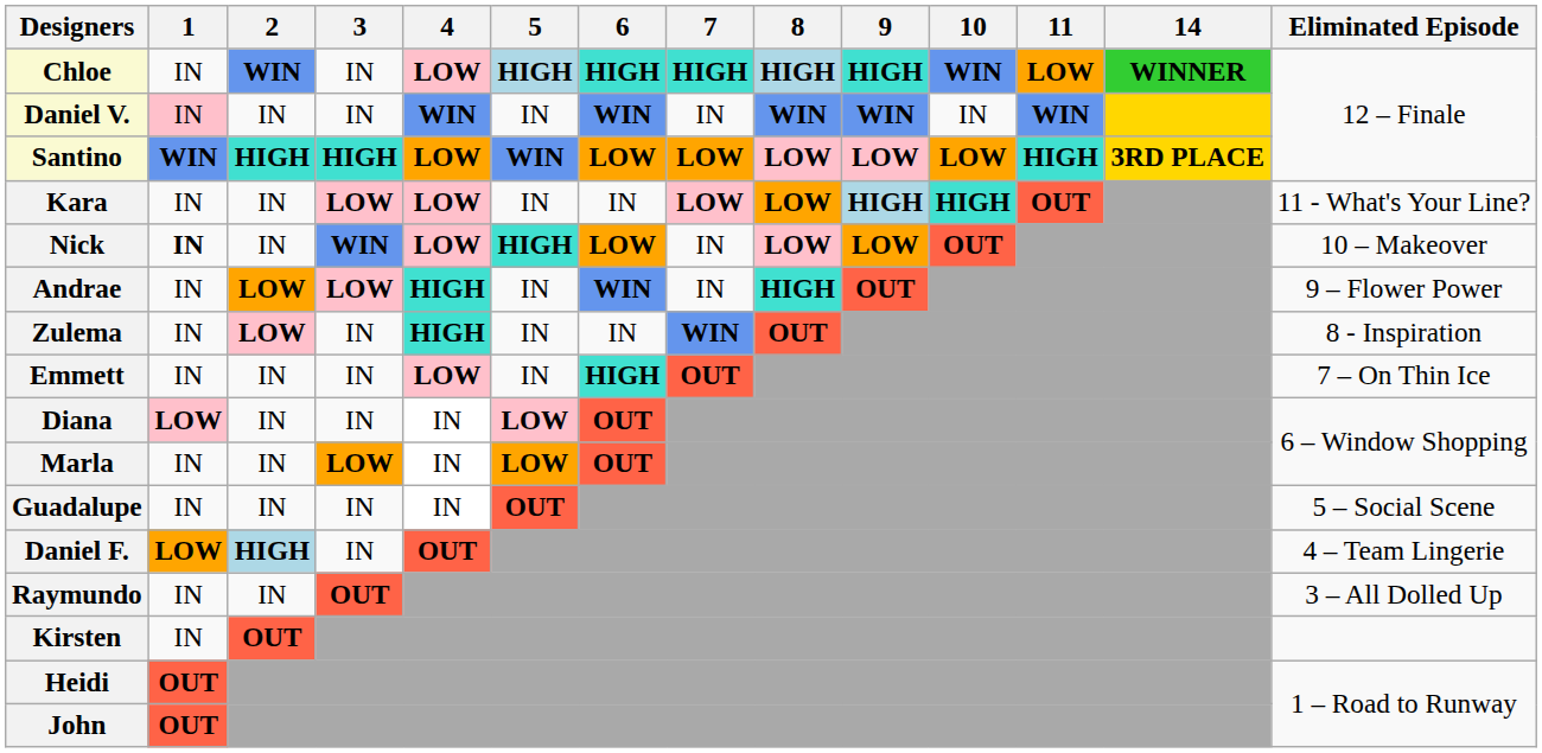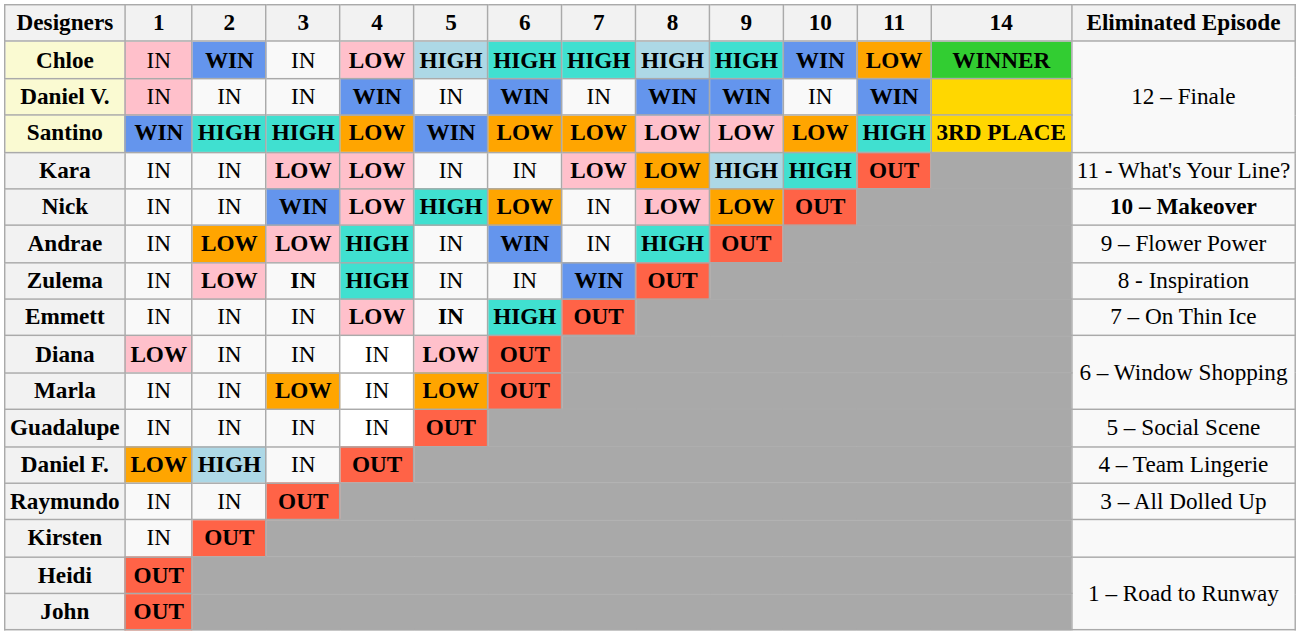 <table class="wikitable" style="text-align:center">
 <tr>
 <th>Designers</th>
 <th>1</th>
 <th>2</th>
 <th>3</th>
 <th>4</th>
 <th>5</th>
 <th>6</th>
 <th>7</th>
 <th>8</th>
 <th>9</th>
 <th>10</th>
 <th>11</th>
 <th>14</th>
 <th>Eliminated Episode</th>
 </tr>
 <tr>
 <th style="background:#FAFAD2;">Chloe</th>
-<td>IN</td>
+<td style="background: pink;">IN</td>
 <td style="background:cornflowerblue;"><strong>WIN</strong></td>
 <td>IN</td>
 <td style="background:pink;"><strong>LOW</strong></td>
 <td style="background:lightblue;"><strong>HIGH</strong></td>
 <td style="background:turquoise;"><strong>HIGH</strong></td>
 <td style="background:turquoise;"><strong>HIGH</strong></td>
 <td style="background:lightblue;"><strong>HIGH</strong></td>
 <td style="background:turquoise;"><strong>HIGH</strong></td>
 <td style="background:cornflowerblue;"><strong>WIN</strong></td>
 <td style="background:orange;"><strong>LOW</strong></td>
 <td style="background:limegreen;"><strong>WINNER</strong></td>
 <td rowspan="3">12 – Finale</td>
 </tr>
 <tr>
 <th style="background:#FAFAD2;">Daniel V.</th>
 <td style="background: pink;">IN</td>
 <td>IN</td>
 <td>IN</td>
 <td style="background:cornflowerblue;"><strong>WIN</strong></td>
 <td>IN</td>
 <td style="background:cornflowerblue;"><strong>WIN</strong></td>
 <td>IN</td>
 <td style="background:cornflowerblue;"><strong>WIN</strong></td>
 <td style="background:cornflowerblue;"><strong>WIN</strong></td>
 <td>IN</td>
 <td style="background:cornflowerblue;"><strong>WIN</strong></td>
 <td style="background:gold;"></td>
 </tr>
 <tr>
 <th style="background:#FAFAD2;">Santino</th>
 <td style="background:cornflowerblue;"><strong>WIN</strong></td>
 <td style="background:turquoise;"><strong>HIGH</strong></td>
 <td style="background:turquoise;"><strong>HIGH</strong></td>
 <td style="background:orange;"><strong>LOW</strong></td>
 <td style="background:cornflowerblue;"><strong>WIN</strong></td>
 <td style="background:orange;"><strong>LOW</strong></td>
 <td style="background:orange;"><strong>LOW</strong></td>
 <td style="background:pink;"><strong>LOW</strong></td>
 <td style="background:pink;"><strong>LOW</strong></td>
 <td style="background:orange;"><strong>LOW</strong></td>
 <td style="background:turquoise;"><strong>HIGH</strong></td>
 <td style="background:gold;"><strong>3RD PLACE</strong></td>
 </tr>
 <tr>
 <th>Kara</th>
 <td>IN</td>
 <td>IN</td>
 <td style="background:pink;"><strong>LOW</strong></td>
 <td style="background:pink;"><strong>LOW</strong></td>
 <td>IN</td>
 <td>IN</td>
 <td style="background:pink;"><strong>LOW</strong></td>
 <td style="background:orange;"><strong>LOW</strong></td>
 <td style="background:lightblue;"><strong>HIGH</strong></td>
 <td style="background:turquoise;"><strong>HIGH</strong></td>
 <td style="background:tomato;"><strong>OUT</strong></td>
 <td COLSPAN=1 style="background:darkgray;"></td>
 <td>11 - What's Your Line?</td>
 </tr>
 <tr>
 <th>Nick</th>
-<td><strong>IN</strong></td>
+<td>IN</td>
 <td>IN</td>
 <td style="background:cornflowerblue;"><strong>WIN</strong></td>
 <td style="background:pink;"><strong>LOW</strong></td>
 <td style="background:turquoise;"><strong>HIGH</strong></td>
 <td style="background:orange;"><strong>LOW</strong></td>
 <td>IN</td>
 <td style="background:pink;"><strong>LOW</strong></td>
 <td style="background:orange;"><strong>LOW</strong></td>
 <td style="background:tomato;"><strong>OUT</strong></td>
 <td COLSPAN=2 style="background:darkgray;"></td>
-<td>10 – Makeover</td>
+<td><strong>10 – Makeover</strong></td>
 </tr>
 <tr>
 <th>Andrae</th>
 <td>IN</td>
 <td style="background:orange;"><strong>LOW</strong></td>
 <td style="background:pink;"><strong>LOW</strong></td>
 <td style="background:turquoise;"><strong>HIGH</strong></td>
 <td>IN</td>
 <td style="background:cornflowerblue;"><strong>WIN</strong></td>
 <td>IN</td>
 <td style="background:turquoise;"><strong>HIGH</strong></td>
 <td style="background:tomato;"><strong>OUT</strong></td>
 <td COLSPAN=3 style="background:darkgray;"></td>
 <td>9 – Flower Power</td>
 </tr>
 <tr>
 <th>Zulema</th>
 <td>IN</td>
 <td style="background:pink;"><strong>LOW</strong></td>
-<td>IN</td>
+<td><strong>IN</strong></td>
 <td style="background:turquoise;"><strong>HIGH</strong></td>
 <td>IN</td>
 <td>IN</td>
 <td style="background:cornflowerblue;"><strong>WIN</strong></td>
 <td style="background:tomato;"><strong>OUT</strong></td>
 <td COLSPAN=4 style="background:darkgray;"></td>
 <td>8 - Inspiration</td>
 </tr>
 <tr>
 <th>Emmett</th>
 <td>IN</td>
 <td>IN</td>
 <td>IN</td>
 <td style="background:pink;"><strong>LOW</strong></td>
-<td>IN</td>
+<td><strong>IN</strong></td>
 <td style="background:turquoise;"><strong>HIGH</strong></td>
 <td style="background:tomato;"><strong>OUT</strong></td>
 <td COLSPAN=5 style="background:darkgray;"></td>
 <td>7 – On Thin Ice</td>
 </tr>
 <tr>
 <th>Diana</th>
 <td style="background:pink;"><strong>LOW</strong></td>
 <td>IN</td>
 <td>IN</td>
 <td style="background:white;">IN</td>
 <td style="background:pink;"><strong>LOW</strong></td>
 <td style="background:tomato;"><strong>OUT</strong></td>
 <td COLSPAN=6 style="background:darkgray;"></td>
 <td rowspan="2">6 – Window Shopping</td>
 </tr>
 <tr>
 <th>Marla</th>
 <td>IN</td>
 <td>IN</td>
 <td style="background:orange;"><strong>LOW</strong></td>
 <td style="background:white;">IN</td>
 <td style="background:orange;"><strong>LOW</strong></td>
 <td style="background:tomato;"><strong>OUT</strong></td>
 <td COLSPAN=6 style="background:darkgray;"></td>
 </tr>
 <tr>
 <th>Guadalupe</th>
 <td>IN</td>
 <td>IN</td>
 <td>IN</td>
 <td style="background:WHITE;">IN</td>
 <td style="background:tomato;"><strong>OUT</strong></td>
 <td COLSPAN=7 style="background:darkgray;"></td>
 <td>5 – Social Scene</td>
 </tr>
 <tr>
 <th>Daniel F.</th>
 <td style="background:orange;"><strong>LOW</strong></td>
 <td style="background:lightblue;"><strong>HIGH</strong></td>
 <td>IN</td>
 <td style="background:tomato;"><strong>OUT</strong></td>
 <td COLSPAN=8 style="background:darkgray;"></td>
 <td>4 – Team Lingerie</td>
 </tr>
 <tr>
 <th>Raymundo</th>
 <td>IN</td>
 <td>IN</td>
 <td style="background:tomato;"><strong>OUT</strong></td>
 <td COLSPAN=9 style="background:darkgray;"></td>
 <td>3 – All Dolled Up</td>
 </tr>
 <tr>
 <th>Kirsten</th>
 <td>IN</td>
 <td style="background:tomato;"><strong>OUT</strong></td>
 <td COLSPAN=10 style="background:darkgray;"></td>
 <td></td>
 </tr>
 <tr>
 <th>Heidi</th>
 <td style="background:tomato;"><strong>OUT</strong></td>
 <td COLSPAN=11 style="background:darkgray;"></td>
 <td rowspan="2">1 – Road to Runway</td>
 </tr>
 <tr>
 <th>John</th>
 <td style="background:tomato;"><strong>OUT</strong></td>
 <td COLSPAN=11 style="background:darkgray;"></td>
 </tr>
 </table>
